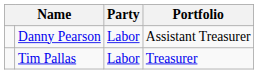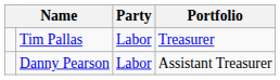 <table class="wikitable">
 <tr>
 <th colspan="2">Name</th>
 <th>Party</th>
 <th>Portfolio</th>
 </tr>
 <tr>
 <td width=5px style="color:inherit;background:"></td>
+<td><a href='#'>Tim Pallas</a></td>
+<td><a href='#'>Labor</a></td>
+<td><a href='#'>Treasurer</a></td>
+</tr>
+<tr>
+<td width=5px style="color:inherit;background:"></td>
 <td><a href='#'>Danny Pearson</a></td>
 <td><a href='#'>Labor</a></td>
 <td>Assistant Treasurer</td>
 </tr>
-<tr>
-<td width=5px style="color:inherit;background:"></td>
-<td><a href='#'>Tim Pallas</a></td>
-<td><a href='#'>Labor</a></td>
-<td><a href='#'>Treasurer</a></td>
-</tr>
 </table>
